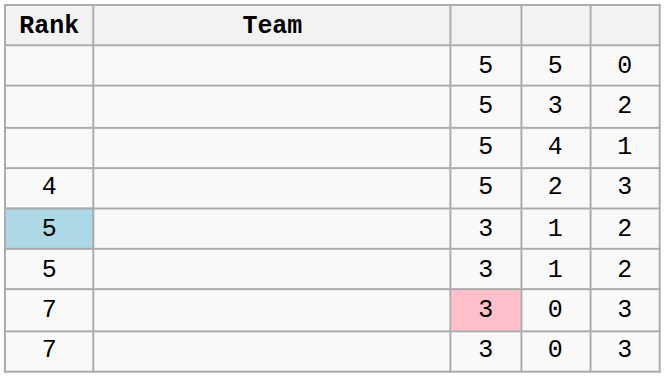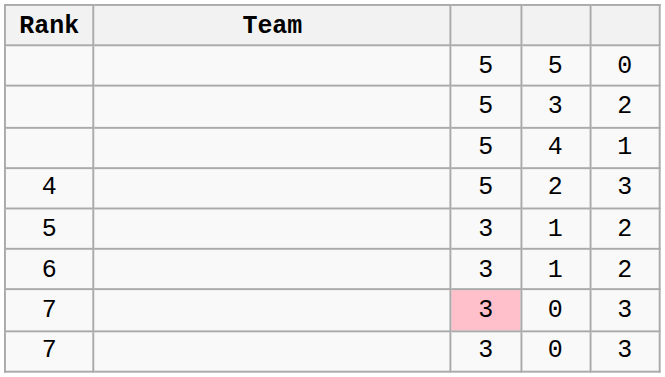 <table class="wikitable" style="text-align: center;">
 <tr>
 <th width=40>Rank</th>
 <th width=180>Team</th>
 <th width=30></th>
 <th width=30></th>
 <th width=30></th>
 </tr>
 <tr>
 <td></td>
 <td align="left"></td>
 <td>5</td>
 <td>5</td>
 <td>0</td>
 </tr>
 <tr>
 <td></td>
 <td align="left"></td>
 <td>5</td>
 <td>3</td>
 <td>2</td>
 </tr>
 <tr>
 <td></td>
 <td align="left"></td>
 <td>5</td>
 <td>4</td>
 <td>1</td>
 </tr>
 <tr>
 <td>4</td>
 <td align="left"></td>
 <td>5</td>
 <td>2</td>
 <td>3</td>
 </tr>
 <tr>
-<td style="background: lightblue;">5</td>
+<td>5</td>
 <td align="left"></td>
 <td>3</td>
 <td>1</td>
 <td>2</td>
 </tr>
 <tr>
-<td>5</td>
+<td>6</td>
 <td align="left"></td>
 <td>3</td>
 <td>1</td>
 <td>2</td>
 </tr>
 <tr>
 <td>7</td>
 <td align="left"></td>
 <td style="background: pink;">3</td>
 <td>0</td>
 <td>3</td>
 </tr>
 <tr>
 <td>7</td>
 <td align="left"></td>
 <td>3</td>
 <td>0</td>
 <td>3</td>
 </tr>
 </table>
